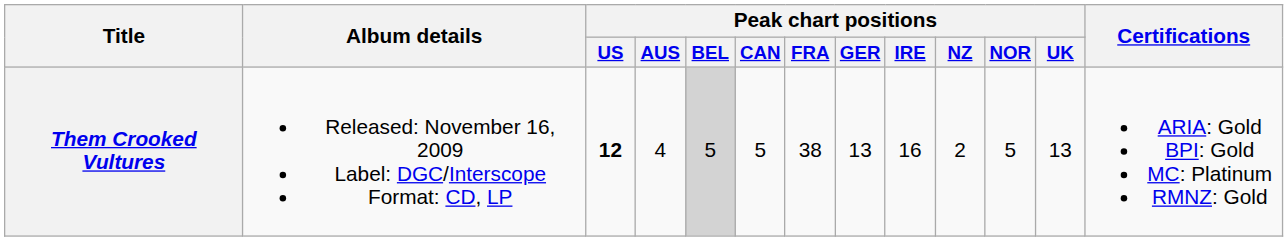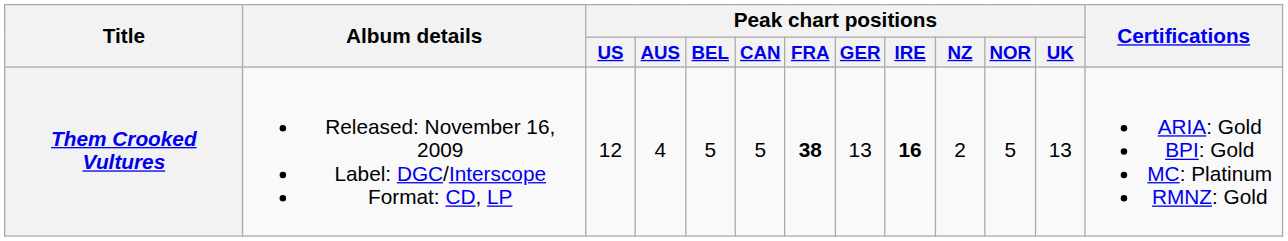 <table class="wikitable plainrowheaders" style="text-align:center;" border="1">
 <tr>
 <th scope="col" rowspan="2" style="width:11em;">Title</th>
 <th scope="col" rowspan="2" style="width:16em;">Album details</th>
 <th scope="col" colspan="10">Peak chart positions</th>
 <th scope="col" rowspan="2" style="width:9em;"><a href='#'>Certifications</a></th>
 </tr>
 <tr>
 <th scope="col" style="width:2.2em;font-size:90%;"><a href='#'>US</a><br></th>
 <th scope="col" style="width:2.2em;font-size:90%;"><a href='#'>AUS</a><br></th>
 <th scope="col" style="width:2.2em;font-size:90%;"><a href='#'>BEL</a><br></th>
 <th scope="col" style="width:2.2em;font-size:90%;"><a href='#'>CAN</a><br></th>
 <th scope="col" style="width:2.2em;font-size:90%;"><a href='#'>FRA</a><br></th>
 <th scope="col" style="width:2.2em;font-size:90%;"><a href='#'>GER</a><br></th>
 <th scope="col" style="width:2.2em;font-size:90%;"><a href='#'>IRE</a><br></th>
 <th scope="col" style="width:2.2em;font-size:90%;"><a href='#'>NZ</a><br></th>
 <th scope="col" style="width:2.2em;font-size:90%;"><a href='#'>NOR</a><br></th>
 <th scope="col" style="width:2.2em;font-size:90%;"><a href='#'>UK</a><br></th>
 </tr>
 <tr>
 <th scope="row"><em><a href='#'>Them Crooked Vultures</a></em></th>
 <td><br><ul><li>Released: November 16, 2009</li><li>Label: <a href='#'>DGC</a>/<a href='#'>Interscope</a></li><li>Format: <a href='#'>CD</a>, <a href='#'>LP</a></li></ul></td>
-<td><strong>12</strong></td>
+<td>12</td>
 <td>4</td>
-<td style="background: lightgrey;">5</td>
 <td>5</td>
-<td>38</td>
+<td>5</td>
+<td><strong>38</strong></td>
 <td>13</td>
-<td>16</td>
+<td><strong>16</strong></td>
 <td>2</td>
 <td>5</td>
 <td>13</td>
 <td><br><ul><li><a href='#'>ARIA</a>: Gold</li><li><a href='#'>BPI</a>: Gold</li><li><a href='#'>MC</a>: Platinum</li><li><a href='#'>RMNZ</a>: Gold</li></ul></td>
 </tr>
 </table>
